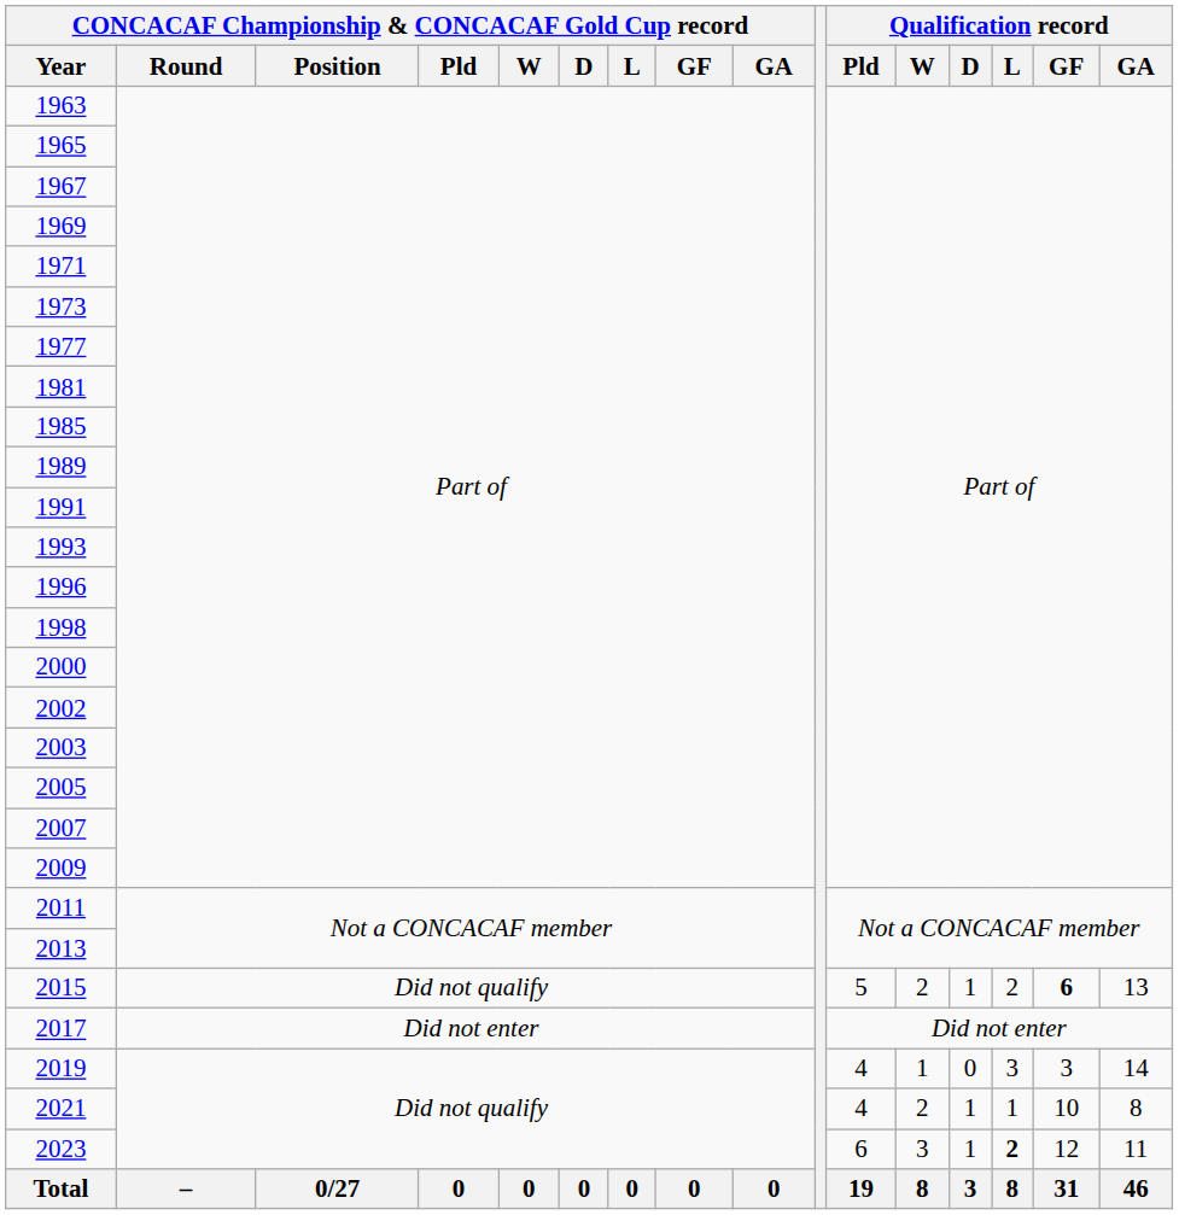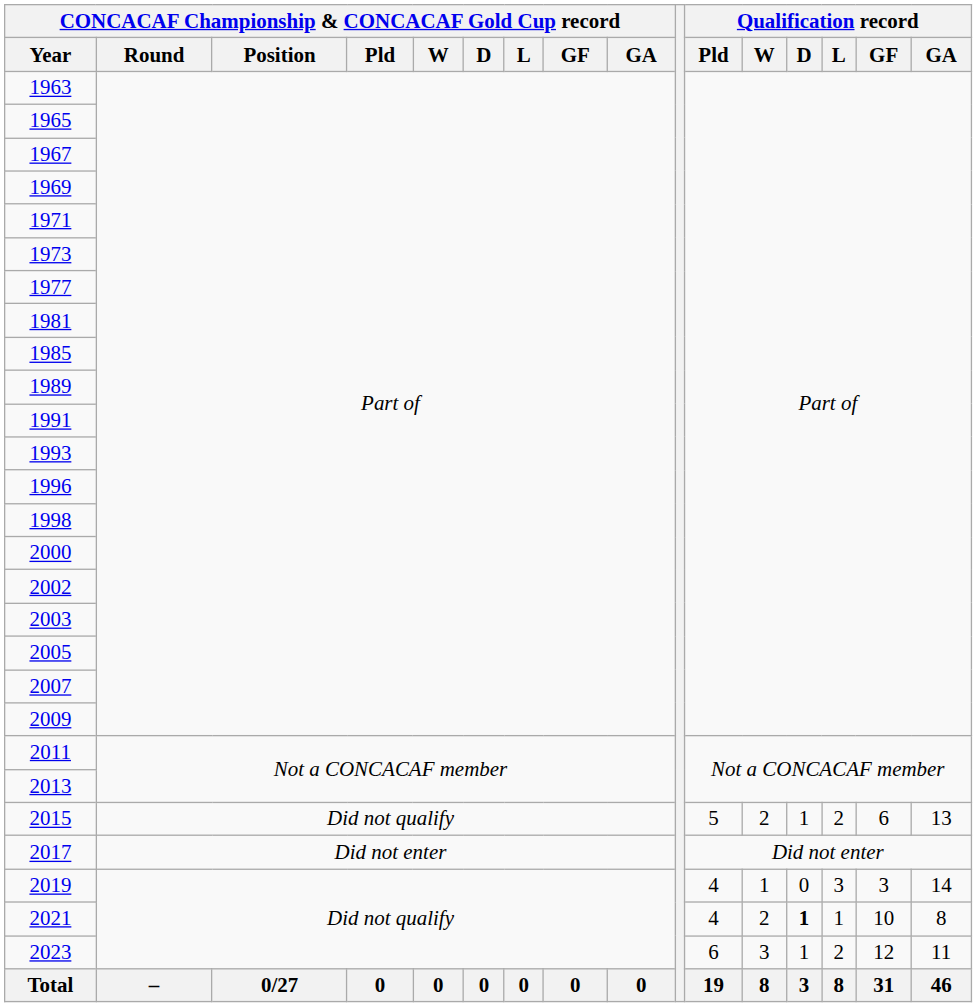 <table class="wikitable" style="text-align: center;">
 <tr>
 <th colspan=9><a href='#'>CONCACAF Championship</a> & <a href='#'>CONCACAF Gold Cup</a> record</th>
 <th width=1% rowspan="30"></th>
 <th colspan=6><a href='#'>Qualification</a> record</th>
 </tr>
 <tr>
 <th>Year</th>
 <th>Round</th>
 <th>Position</th>
 <th>Pld</th>
 <th>W</th>
 <th>D</th>
 <th>L</th>
 <th>GF</th>
 <th>GA</th>
 <th>Pld</th>
 <th>W</th>
 <th>D</th>
 <th>L</th>
 <th>GF</th>
 <th>GA</th>
 </tr>
 <tr>
 <td> <a href='#'>1963</a></td>
 <td colspan=9 rowspan=20><em>Part of </em></td>
 <td colspan=6 rowspan=20><em>Part of </em></td>
 </tr>
 <tr>
 <td> <a href='#'>1965</a></td>
 </tr>
 <tr>
 <td> <a href='#'>1967</a></td>
 </tr>
 <tr>
 <td> <a href='#'>1969</a></td>
 </tr>
 <tr>
 <td> <a href='#'>1971</a></td>
 </tr>
 <tr>
 <td> <a href='#'>1973</a></td>
 </tr>
 <tr>
 <td> <a href='#'>1977</a></td>
 </tr>
 <tr>
 <td> <a href='#'>1981</a></td>
 </tr>
 <tr>
 <td><a href='#'>1985</a></td>
 </tr>
 <tr>
 <td><a href='#'>1989</a></td>
 </tr>
 <tr>
 <td> <a href='#'>1991</a></td>
 </tr>
 <tr>
 <td>  <a href='#'>1993</a></td>
 </tr>
 <tr>
 <td> <a href='#'>1996</a></td>
 </tr>
 <tr>
 <td> <a href='#'>1998</a></td>
 </tr>
 <tr>
 <td> <a href='#'>2000</a></td>
 </tr>
 <tr>
 <td> <a href='#'>2002</a></td>
 </tr>
 <tr>
 <td>  <a href='#'>2003</a></td>
 </tr>
 <tr>
 <td> <a href='#'>2005</a></td>
 </tr>
 <tr>
 <td> <a href='#'>2007</a></td>
 </tr>
 <tr>
 <td> <a href='#'>2009</a></td>
 </tr>
 <tr>
 <td> <a href='#'>2011</a></td>
 <td colspan=9 rowspan=2><em>Not a CONCACAF member</em></td>
 <td colspan=9 rowspan=2><em>Not a CONCACAF member</em></td>
 </tr>
 <tr>
 <td> <a href='#'>2013</a></td>
 </tr>
 <tr>
 <td>  <a href='#'>2015</a></td>
 <td colspan=9><em>Did not qualify</em></td>
 <td>5</td>
 <td>2</td>
 <td>1</td>
 <td>2</td>
-<td><strong>6</strong></td>
+<td>6</td>
 <td>13</td>
 </tr>
 <tr>
 <td> <a href='#'>2017</a></td>
 <td colspan=9><em>Did not enter</em></td>
 <td colspan=6><em>Did not enter</em></td>
 </tr>
 <tr>
 <td>   <a href='#'>2019</a></td>
 <td colspan=9 rowspan=3><em>Did not qualify</em></td>
 <td>4</td>
 <td>1</td>
 <td>0</td>
 <td>3</td>
 <td>3</td>
 <td>14</td>
 </tr>
 <tr>
 <td> <a href='#'>2021</a></td>
 <td>4</td>
 <td>2</td>
-<td>1</td>
+<td><strong>1</strong></td>
 <td>1</td>
 <td>10</td>
 <td>8</td>
 </tr>
 <tr>
 <td>  <a href='#'>2023</a></td>
 <td>6</td>
 <td>3</td>
 <td>1</td>
-<td><strong>2</strong></td>
+<td>2</td>
 <td>12</td>
 <td>11</td>
 </tr>
 <tr>
 <th>Total</th>
 <th>–</th>
 <th>0/27</th>
 <th>0</th>
 <th>0</th>
 <th>0</th>
 <th>0</th>
 <th>0</th>
 <th>0</th>
 <th>19</th>
 <th>8</th>
 <th>3</th>
 <th>8</th>
 <th>31</th>
 <th>46</th>
 </tr>
 </table>
